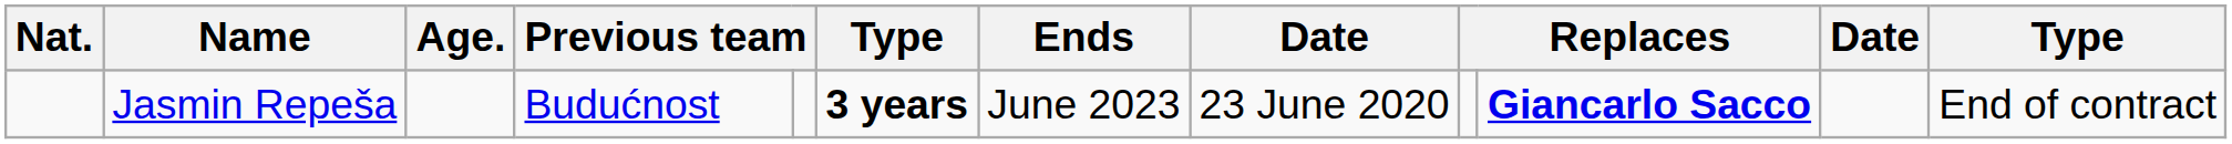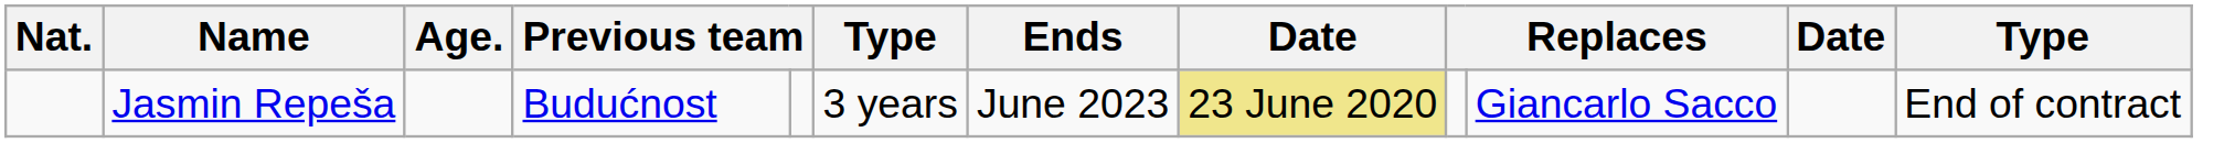 <table class="wikitable sortable">
 <tr>
 <th>Nat.</th>
 <th>Name</th>
 <th>Age.</th>
 <th colspan=2>Previous team</th>
 <th>Type</th>
 <th>Ends</th>
 <th>Date</th>
 <th colspan=2>Replaces</th>
 <th>Date</th>
 <th>Type</th>
 </tr>
 <tr>
 <td></td>
 <td><a href='#'>Jasmin Repeša</a></td>
 <td></td>
 <td><a href='#'>Budućnost</a></td>
 <td></td>
-<td><strong>3 years</strong></td>
+<td>3 years</td>
 <td>June 2023</td>
-<td>23 June 2020</td>
+<td style="background: khaki;">23 June 2020</td>
 <td></td>
-<td><strong><a href='#'>Giancarlo Sacco</a></strong></td>
+<td><a href='#'>Giancarlo Sacco</a></td>
 <td></td>
 <td>End of contract</td>
 </tr>
 </table>
